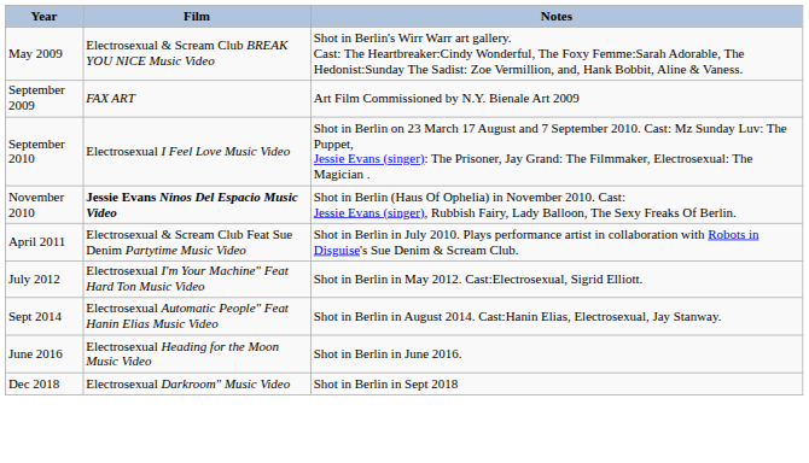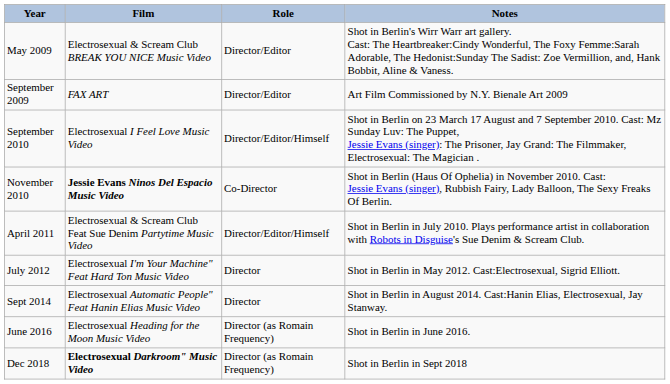 <table class="wikitable" style="font-size:90%">
 <tr style="text-align:center">
 <th style="background-color: #b0c4de">Year</th>
 <th style="background-color: #b0c4de">Film</th>
+<th style="background-color: #b0c4de">Role</th>
 <th style="background-color: #b0c4de">Notes</th>
 </tr>
 <tr>
 <td>May 2009</td>
 <td>Electrosexual & Scream Club <em>BREAK YOU NICE Music Video</em></td>
+<td>Director/Editor</td>
 <td>Shot in Berlin's Wirr Warr art gallery.<br>Cast: The Heartbreaker:Cindy Wonderful, The Foxy Femme:Sarah Adorable, The Hedonist:Sunday The Sadist: Zoe Vermillion, and, Hank Bobbit, Aline & Vaness.</td>
 </tr>
 <tr>
 <td>September 2009</td>
 <td><em>FAX ART</em></td>
+<td>Director/Editor</td>
 <td>Art Film Commissioned by N.Y. Bienale Art 2009</td>
 </tr>
 <tr>
 <td>September 2010</td>
 <td>Electrosexual <em>I Feel Love Music Video</em></td>
+<td>Director/Editor/Himself</td>
 <td>Shot in Berlin on 23 March 17 August and 7 September 2010. Cast: Mz Sunday Luv: The Puppet,<br><a href='#'>Jessie Evans (singer)</a>: The Prisoner, Jay Grand: The Filmmaker, Electrosexual: The Magician .</td>
 </tr>
 <tr>
 <td>November 2010</td>
 <td><strong>Jessie Evans <em>Ninos Del Espacio Music Video</em></strong></td>
+<td>Co-Director</td>
 <td>Shot in Berlin (Haus Of Ophelia) in November 2010. Cast:<br><a href='#'>Jessie Evans (singer)</a>, Rubbish Fairy, Lady Balloon, The Sexy Freaks Of Berlin.</td>
 </tr>
 <tr>
 <td>April 2011</td>
 <td>Electrosexual & Scream Club Feat Sue Denim <em>Partytime Music Video</em></td>
+<td>Director/Editor/Himself</td>
 <td>Shot in Berlin in July 2010. Plays performance artist in collaboration with <a href='#'>Robots in Disguise</a>'s Sue Denim & Scream Club.</td>
 </tr>
 <tr>
 <td>July 2012</td>
 <td>Electrosexual <em>I'm Your Machine" Feat Hard Ton Music Video</em></td>
+<td>Director</td>
 <td>Shot in Berlin in May 2012. Cast:Electrosexual, Sigrid Elliott.</td>
 </tr>
 <tr>
 <td>Sept 2014</td>
 <td>Electrosexual <em>Automatic People" Feat Hanin Elias Music Video</em></td>
+<td>Director</td>
 <td>Shot in Berlin in August 2014. Cast:Hanin Elias, Electrosexual, Jay Stanway.</td>
 </tr>
 <tr>
 <td>June 2016</td>
 <td>Electrosexual <em>Heading for the Moon Music Video</em></td>
+<td>Director (as Romain Frequency)</td>
 <td>Shot in Berlin in June 2016.</td>
 </tr>
 <tr>
 <td>Dec 2018</td>
-<td>Electrosexual <em>Darkroom"  Music Video</em></td>
+<td><strong>Electrosexual <em>Darkroom"  Music Video</em></strong></td>
+<td>Director (as Romain Frequency)</td>
 <td>Shot in Berlin in Sept 2018</td>
 </tr>
 </table>
